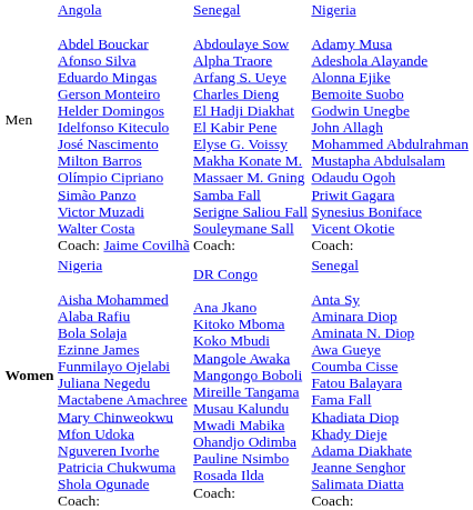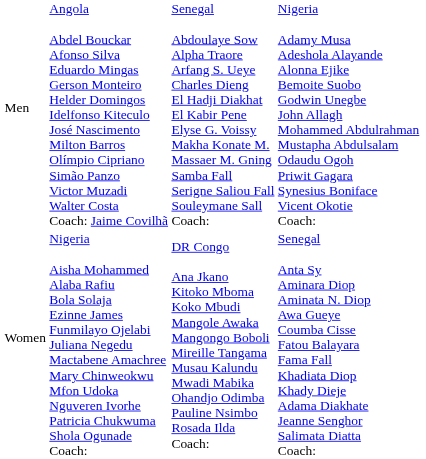 <table>
 <tr>
 <td>Men<br> <br> </td>
 <td> <a href='#'>Angola</a><br><br><a href='#'>Abdel Bouckar</a><br> <a href='#'>Afonso Silva</a><br> <a href='#'>Eduardo Mingas</a><br> <a href='#'>Gerson Monteiro</a><br> <a href='#'>Helder Domingos</a><br> <a href='#'>Idelfonso Kiteculo</a><br> <a href='#'>José Nascimento</a><br> <a href='#'>Milton Barros</a><br> <a href='#'>Olímpio Cipriano</a><br> <a href='#'>Simão Panzo</a><br> <a href='#'>Victor Muzadi</a><br> <a href='#'>Walter Costa</a><br> Coach: <a href='#'>Jaime Covilhã</a><br></td>
 <td> <a href='#'>Senegal</a><br><br><a href='#'>Abdoulaye Sow</a><br> <a href='#'>Alpha Traore</a><br> <a href='#'>Arfang S. Ueye</a><br> <a href='#'>Charles Dieng</a><br> <a href='#'>El Hadji Diakhat</a><br> <a href='#'>El Kabir Pene</a><br> <a href='#'>Elyse G. Voissy</a><br> <a href='#'>Makha Konate M.</a><br> <a href='#'>Massaer M. Gning</a><br> <a href='#'>Samba Fall</a><br> <a href='#'>Serigne Saliou Fall</a><br> <a href='#'>Souleymane Sall</a><br> Coach: <br></td>
 <td> <a href='#'>Nigeria</a><br><br><a href='#'>Adamy Musa</a><br> <a href='#'>Adeshola Alayande</a><br> <a href='#'>Alonna Ejike</a><br> <a href='#'>Bemoite Suobo</a><br> <a href='#'>Godwin Unegbe</a><br> <a href='#'>John Allagh</a><br> <a href='#'>Mohammed Abdulrahman</a><br> <a href='#'>Mustapha Abdulsalam</a><br> <a href='#'>Odaudu Ogoh</a><br> <a href='#'>Priwit Gagara</a><br> <a href='#'>Synesius Boniface</a><br> <a href='#'>Vicent Okotie</a><br> Coach: <br></td>
 </tr>
 <tr>
-<td><strong>Women<br> <br> </strong></td>
+<td>Women<br> <br> </td>
 <td> <a href='#'>Nigeria</a><br><br><a href='#'>Aisha Mohammed</a><br> <a href='#'>Alaba Rafiu</a><br> <a href='#'>Bola Solaja</a><br> <a href='#'>Ezinne James</a><br> <a href='#'>Funmilayo Ojelabi</a><br> <a href='#'>Juliana Negedu</a><br> <a href='#'>Mactabene Amachree</a><br> <a href='#'>Mary Chinweokwu</a><br> <a href='#'>Mfon Udoka</a><br> <a href='#'>Nguveren Ivorhe</a><br> <a href='#'>Patricia Chukwuma</a><br> <a href='#'>Shola Ogunade</a><br> Coach: <br></td>
 <td> <a href='#'>DR Congo</a><br><br><a href='#'>Ana Jkano</a><br> <a href='#'>Kitoko Mboma</a><br> <a href='#'>Koko Mbudi</a><br> <a href='#'>Mangole Awaka</a><br> <a href='#'>Mangongo Boboli</a><br> <a href='#'>Mireille Tangama</a><br> <a href='#'>Musau Kalundu</a><br> <a href='#'>Mwadi Mabika</a><br> <a href='#'>Ohandjo Odimba</a><br> <a href='#'>Pauline Nsimbo</a><br> <a href='#'>Rosada Ilda</a><br> Coach: <br></td>
 <td> <a href='#'>Senegal</a><br><br><a href='#'>Anta Sy</a><br> <a href='#'>Aminara Diop</a><br> <a href='#'>Aminata N. Diop</a><br> <a href='#'>Awa Gueye</a><br> <a href='#'>Coumba Cisse</a><br> <a href='#'>Fatou Balayara</a><br> <a href='#'>Fama Fall</a><br> <a href='#'>Khadiata Diop</a><br> <a href='#'>Khady Dieje</a><br> <a href='#'>Adama Diakhate</a><br> <a href='#'>Jeanne Senghor</a><br> <a href='#'>Salimata Diatta</a><br> Coach: <br></td>
 </tr>
 </table>
